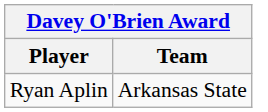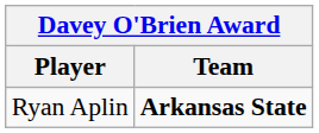 <table class="wikitable" style="text-align: center;">
 <tr>
 <th colspan="2"><strong><a href='#'>Davey O'Brien Award</a></strong></th>
 </tr>
 <tr>
 <th>Player</th>
 <th>Team</th>
 </tr>
 <tr>
 <td>Ryan Aplin</td>
-<td>Arkansas State</td>
+<td><strong>Arkansas State</strong></td>
 </tr>
 </table>
